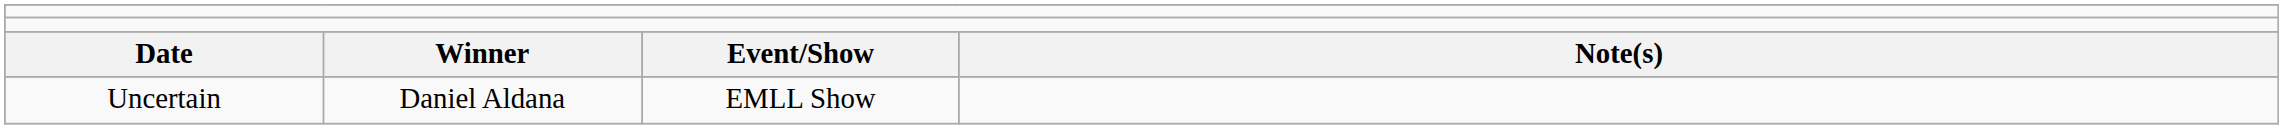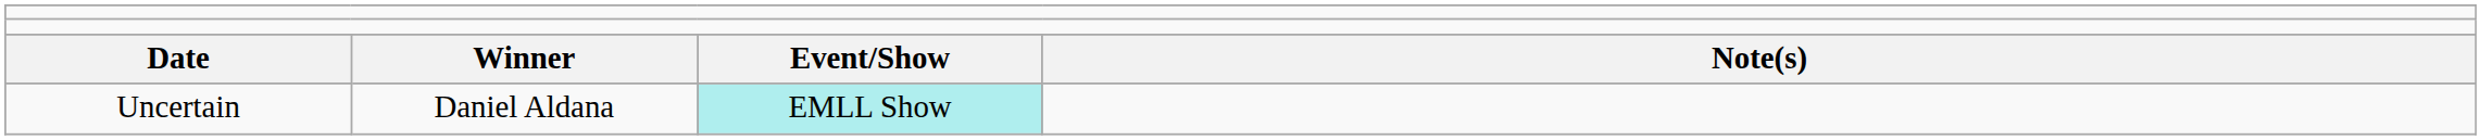 <table class="wikitable" style="text-align:center; width:100%;">
 <tr>
 <td colspan="5"></td>
 </tr>
 <tr>
 <td colspan="5"><strong></strong></td>
 </tr>
 <tr>
 <th width=14%>Date</th>
 <th width=14%>Winner</th>
 <th width=14%>Event/Show</th>
 <th width=58%>Note(s)</th>
 </tr>
 <tr>
 <td>Uncertain</td>
 <td>Daniel Aldana</td>
-<td>EMLL Show</td>
+<td style="background: paleturquoise;">EMLL Show</td>
 <td align=left></td>
 </tr>
 </table>
